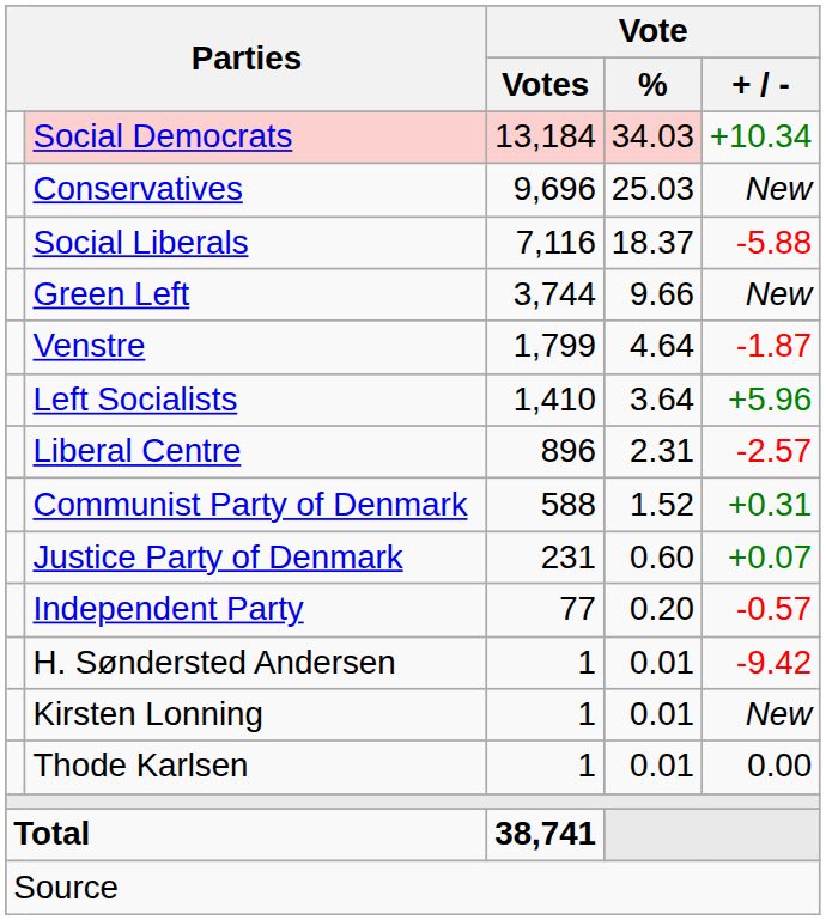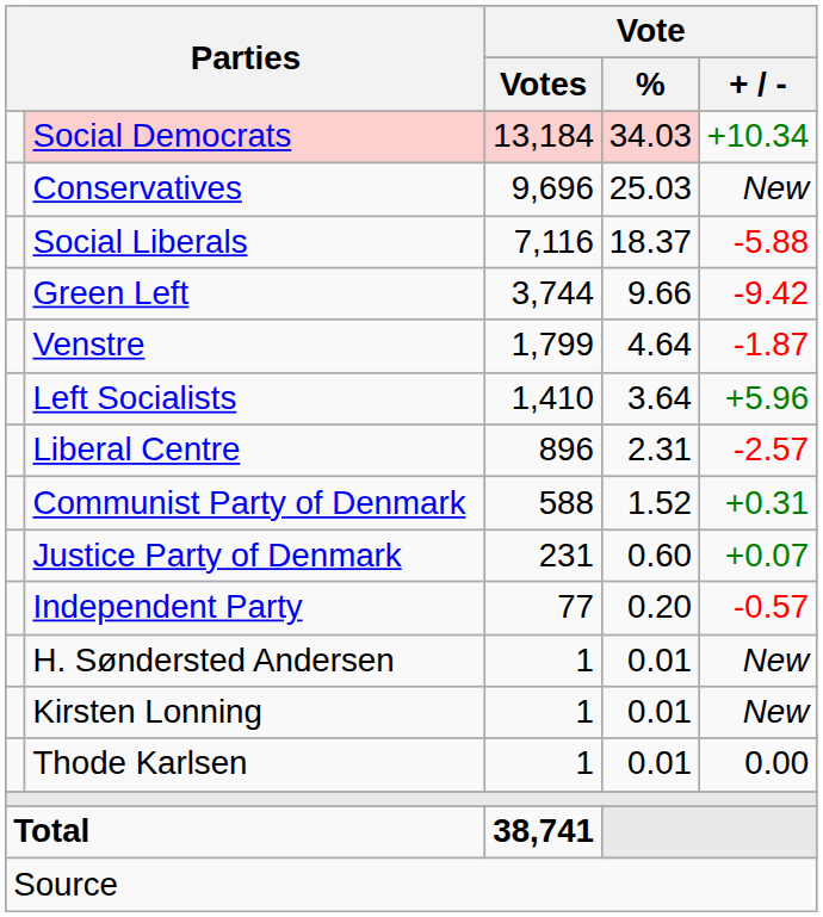 <table class="wikitable" style="text-align:right;">
 <tr>
 <th style="text-align:centre;" rowspan="2" colspan="2" width="225">Parties</th>
 <th colspan="3">Vote</th>
 </tr>
 <tr>
 <th width="15">Votes</th>
 <th width="15">%</th>
 <th width="15">+ / -</th>
 </tr>
 <tr>
 <td width="2" style="color:inherit;background:"></td>
 <td bgcolor=#fbd0ce  align="left"><a href='#'>Social Democrats</a></td>
 <td bgcolor=#fbd0ce>13,184</td>
 <td bgcolor=#fbd0ce>34.03</td>
 <td style=color:green;>+10.34</td>
 </tr>
 <tr>
 <td width="2" style="color:inherit;background:"></td>
 <td align="left"><a href='#'>Conservatives</a></td>
 <td>9,696</td>
 <td>25.03</td>
 <td><em>New</em></td>
 </tr>
 <tr>
 <td width="2" style="color:inherit;background:"></td>
 <td align="left"><a href='#'>Social Liberals</a></td>
 <td>7,116</td>
 <td>18.37</td>
 <td style=color:red;>-5.88</td>
 </tr>
 <tr>
 <td width="2" style="color:inherit;background:"></td>
 <td align="left"><a href='#'>Green Left</a></td>
 <td>3,744</td>
 <td>9.66</td>
-<td><em>New</em></td>
+<td style=color:red;>-9.42</td>
 </tr>
 <tr>
 <td width="2" style="color:inherit;background:"></td>
 <td align="left"><a href='#'>Venstre</a></td>
 <td>1,799</td>
 <td>4.64</td>
 <td style=color:red;>-1.87</td>
 </tr>
 <tr>
 <td width="2" style="color:inherit;background:"></td>
 <td align="left"><a href='#'>Left Socialists</a></td>
 <td>1,410</td>
 <td>3.64</td>
 <td style=color:green;>+5.96</td>
 </tr>
 <tr>
 <td width="2" style="color:inherit;background:"></td>
 <td align="left"><a href='#'>Liberal Centre</a></td>
 <td>896</td>
 <td>2.31</td>
 <td style=color:red;>-2.57</td>
 </tr>
 <tr>
 <td width="2" style="color:inherit;background:"></td>
 <td align="left"><a href='#'>Communist Party of Denmark</a></td>
 <td>588</td>
 <td>1.52</td>
 <td style=color:green;>+0.31</td>
 </tr>
 <tr>
 <td width="2" style="color:inherit;background:"></td>
 <td align="left"><a href='#'>Justice Party of Denmark</a></td>
 <td>231</td>
 <td>0.60</td>
 <td style=color:green;>+0.07</td>
 </tr>
 <tr>
 <td width="2" style="color:inherit;background:"></td>
 <td align="left"><a href='#'>Independent Party</a></td>
 <td>77</td>
 <td>0.20</td>
 <td style=color:red;>-0.57</td>
 </tr>
 <tr>
 <td width="2" style="color:inherit;background:"></td>
 <td align="left">H. Søndersted Andersen</td>
 <td>1</td>
 <td>0.01</td>
-<td style=color:red;>-9.42</td>
+<td><em>New</em></td>
 </tr>
 <tr>
 <td width="2" style="color:inherit;background:"></td>
 <td align="left">Kirsten Lonning</td>
 <td>1</td>
 <td>0.01</td>
 <td><em>New</em></td>
 </tr>
 <tr>
 <td width="2" style="color:inherit;background:"></td>
 <td align="left">Thode Karlsen</td>
 <td>1</td>
 <td>0.01</td>
 <td>0.00</td>
 </tr>
 <tr>
 <td colspan="7" bgcolor="#E9E9E9"></td>
 </tr>
 <tr>
 <td align="left" colspan="2"><strong>Total</strong></td>
 <td><strong>38,741</strong></td>
 <td bgcolor="#E9E9E9" colspan="2"></td>
 </tr>
 <tr>
 <td align="left" colspan="6">Source</td>
 </tr>
 </table>
